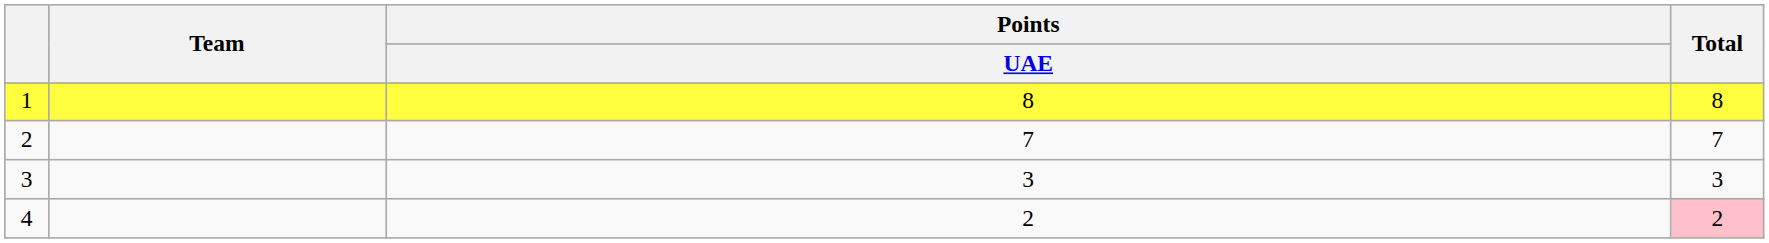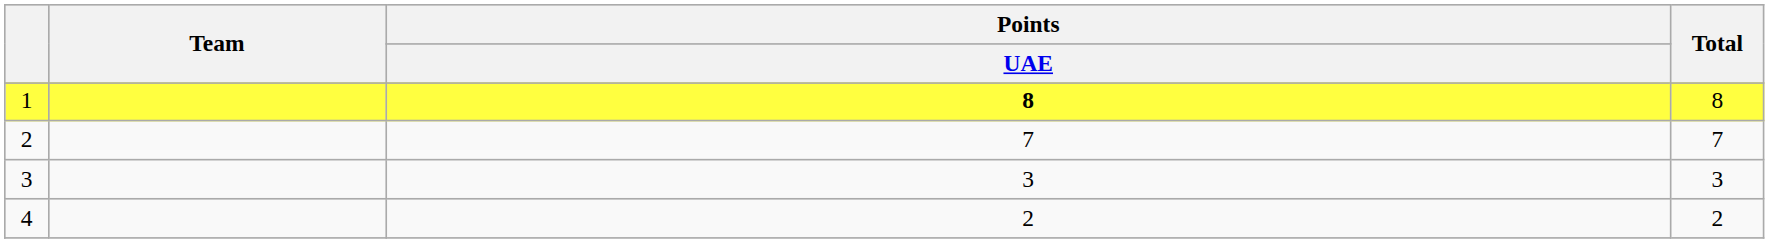 <table class="wikitable" style="font-size: 90%; text-align:center; table-layout:fixed; width:75em">
 <tr>
 <th rowspan=2 width=20></th>
 <th rowspan=2 width=200>Team</th>
 <th colspan=1>Points</th>
 <th rowspan=2 width=50>Total</th>
 </tr>
 <tr valign="top">
 <th><a href='#'>UAE</a><br></th>
 </tr>
 <tr bgcolor=#FFFF40>
 <td align=center>1</td>
 <td></td>
-<td align=center>8</td>
+<td align=center><strong>8</strong></td>
 <td align=center>8</td>
 </tr>
 <tr>
 <td align=center>2</td>
 <td></td>
 <td align=center>7</td>
 <td align=center>7</td>
 </tr>
 <tr>
 <td align=center>3</td>
 <td></td>
 <td align=center>3</td>
 <td align=center>3</td>
 </tr>
 <tr>
 <td align=center>4</td>
 <td></td>
 <td align=center>2</td>
-<td align=center style="background: pink;">2</td>
+<td align=center>2</td>
 </tr>
 </table>
